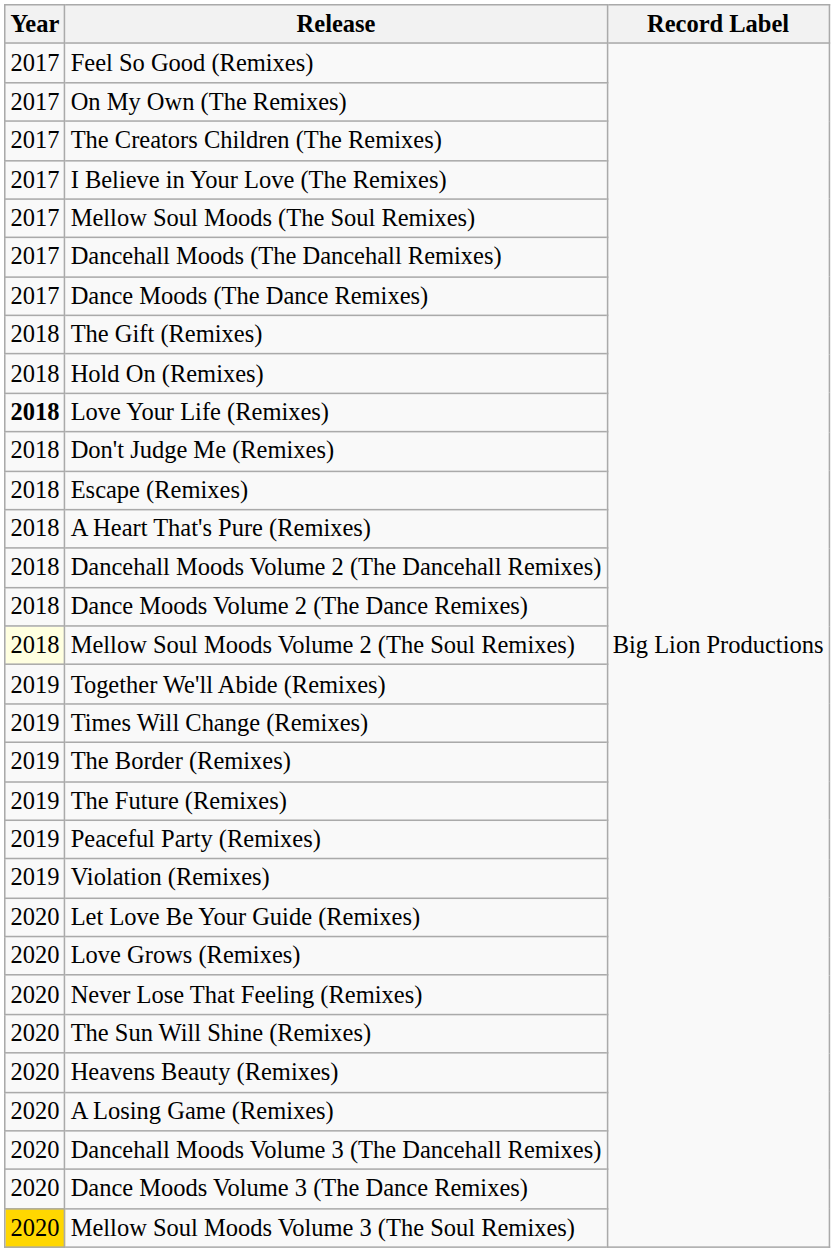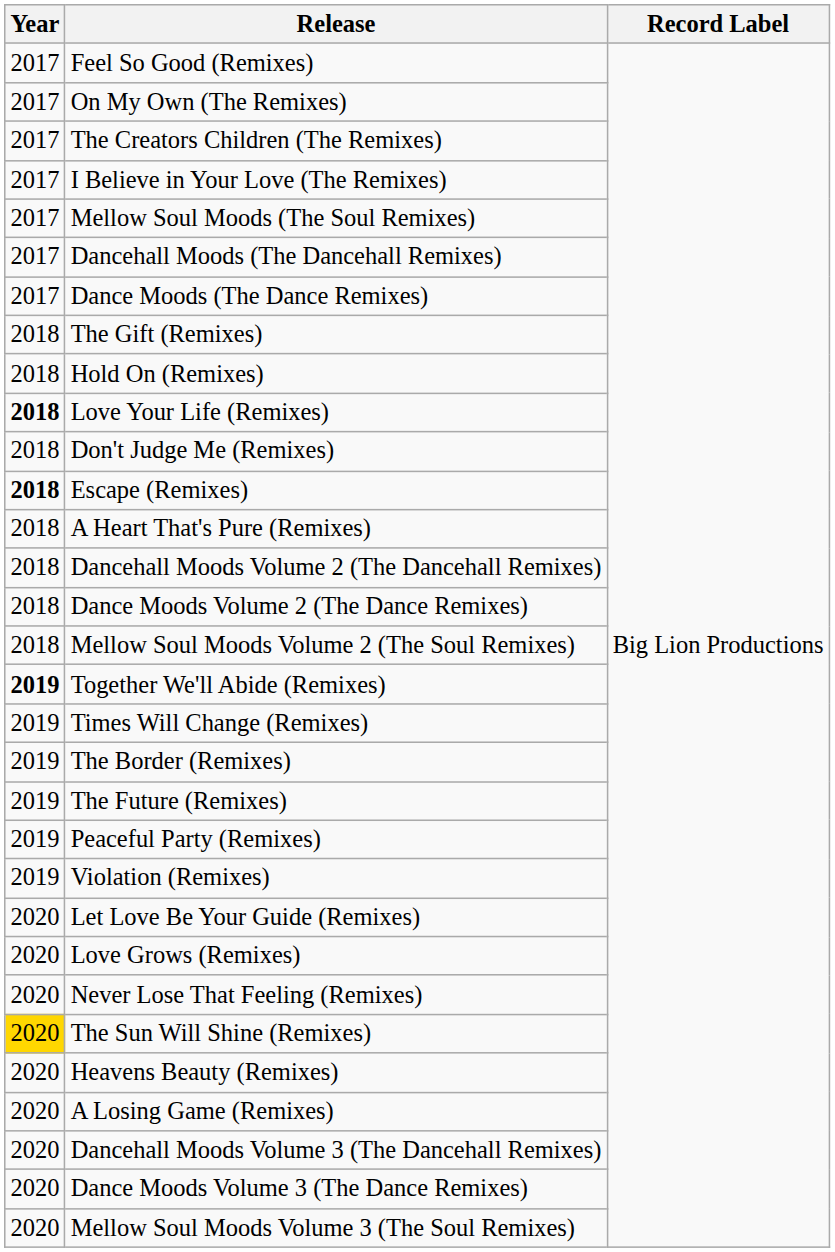 <table class="wikitable">
 <tr>
 <th>Year</th>
 <th>Release</th>
 <th>Record Label</th>
 </tr>
 <tr>
 <td>2017</td>
 <td>Feel So Good (Remixes)</td>
 <td rowspan="31" align="left">Big Lion Productions</td>
 </tr>
 <tr>
 <td>2017</td>
 <td>On My Own (The Remixes)</td>
 </tr>
 <tr>
 <td>2017</td>
 <td>The Creators Children (The Remixes)</td>
 </tr>
 <tr>
 <td>2017</td>
 <td>I Believe in Your Love (The Remixes)</td>
 </tr>
 <tr>
 <td>2017</td>
 <td>Mellow Soul Moods (The Soul Remixes)</td>
 </tr>
 <tr>
 <td>2017</td>
 <td>Dancehall Moods (The Dancehall Remixes)</td>
 </tr>
 <tr>
 <td>2017</td>
 <td>Dance Moods (The Dance Remixes)</td>
 </tr>
 <tr>
 <td>2018</td>
 <td>The Gift (Remixes)</td>
 </tr>
 <tr>
 <td>2018</td>
 <td>Hold On (Remixes)</td>
 </tr>
 <tr>
 <td><strong>2018</strong></td>
 <td>Love Your Life (Remixes)</td>
 </tr>
 <tr>
 <td>2018</td>
 <td>Don't Judge Me (Remixes)</td>
 </tr>
 <tr>
-<td>2018</td>
+<td><strong>2018</strong></td>
 <td>Escape (Remixes)</td>
 </tr>
 <tr>
 <td>2018</td>
 <td>A Heart That's Pure (Remixes)</td>
 </tr>
 <tr>
 <td>2018</td>
 <td>Dancehall Moods Volume 2 (The Dancehall Remixes)</td>
 </tr>
 <tr>
 <td>2018</td>
 <td>Dance Moods Volume 2 (The Dance Remixes)</td>
 </tr>
 <tr>
-<td style="background: lightyellow;">2018</td>
+<td>2018</td>
 <td>Mellow Soul Moods Volume 2 (The Soul Remixes)</td>
 </tr>
 <tr>
-<td>2019</td>
+<td><strong>2019</strong></td>
 <td>Together We'll Abide (Remixes)</td>
 </tr>
 <tr>
 <td>2019</td>
 <td>Times Will Change (Remixes)</td>
 </tr>
 <tr>
 <td>2019</td>
 <td>The Border (Remixes)</td>
 </tr>
 <tr>
 <td>2019</td>
 <td>The Future (Remixes)</td>
 </tr>
 <tr>
 <td>2019</td>
 <td>Peaceful Party (Remixes)</td>
 </tr>
 <tr>
 <td>2019</td>
 <td>Violation (Remixes)</td>
 </tr>
 <tr>
 <td>2020</td>
 <td>Let Love Be Your Guide (Remixes)</td>
 </tr>
 <tr>
 <td>2020</td>
 <td>Love Grows (Remixes)</td>
 </tr>
 <tr>
 <td>2020</td>
 <td>Never Lose That Feeling (Remixes)</td>
 </tr>
 <tr>
-<td>2020</td>
+<td style="background: gold;">2020</td>
 <td>The Sun Will Shine (Remixes)</td>
 </tr>
 <tr>
 <td>2020</td>
 <td>Heavens Beauty (Remixes)</td>
 </tr>
 <tr>
 <td>2020</td>
 <td>A Losing Game (Remixes)</td>
 </tr>
 <tr>
 <td>2020</td>
 <td>Dancehall Moods Volume 3 (The Dancehall Remixes)</td>
 </tr>
 <tr>
 <td>2020</td>
 <td>Dance Moods Volume 3 (The Dance Remixes)</td>
 </tr>
 <tr>
-<td style="background: gold;">2020</td>
+<td>2020</td>
 <td>Mellow Soul Moods Volume 3 (The Soul Remixes)</td>
 </tr>
 </table>
